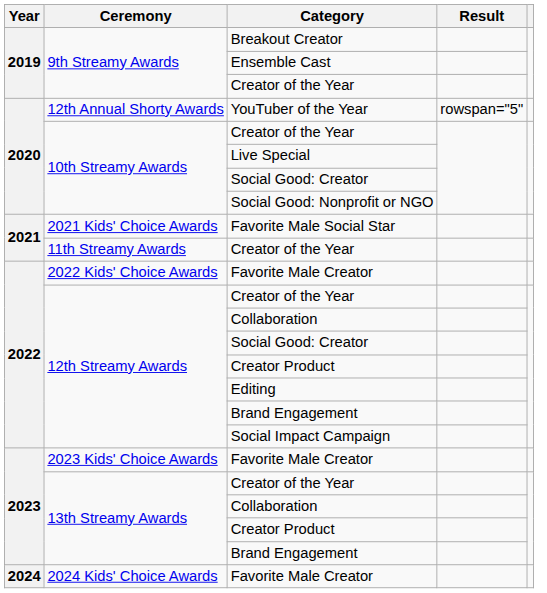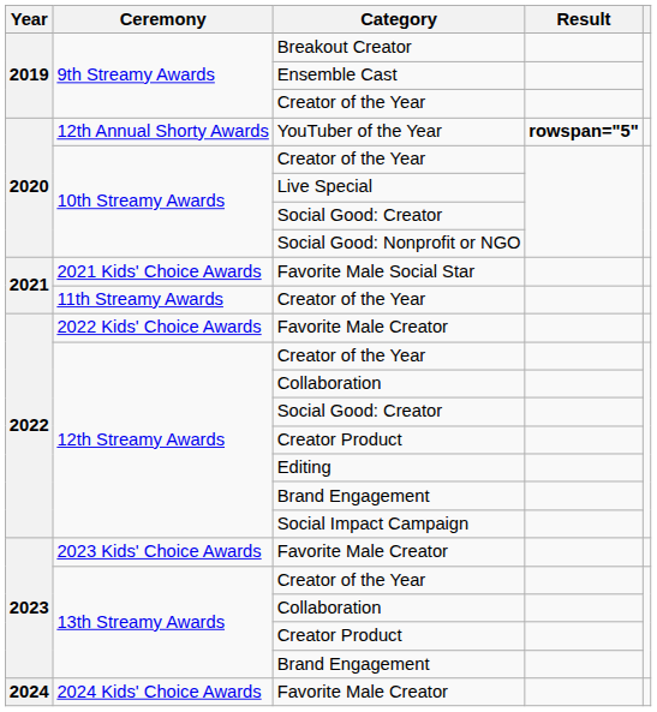 <table class="wikitable">
 <tr>
 <th>Year</th>
 <th>Ceremony</th>
 <th>Category</th>
 <th>Result</th>
 <th></th>
 </tr>
 <tr>
 <th rowspan="3">2019</th>
 <td rowspan="3"><a href='#'>9th Streamy Awards</a></td>
 <td>Breakout Creator</td>
 <td></td>
 <td rowspan="3" align="center"></td>
 </tr>
 <tr>
 <td>Ensemble Cast</td>
 <td></td>
 </tr>
 <tr>
 <td>Creator of the Year</td>
 <td></td>
 </tr>
 <tr>
 <th rowspan="5">2020</th>
 <td><a href='#'>12th Annual Shorty Awards</a></td>
 <td>YouTuber of the Year</td>
-<td>rowspan="5" </td>
+<td><strong>rowspan="5" </strong></td>
 <td align="center"></td>
 </tr>
 <tr>
 <td rowspan="4"><a href='#'>10th Streamy Awards</a></td>
 <td>Creator of the Year</td>
 <td rowspan="4" align="center"></td>
 </tr>
 <tr>
 <td>Live Special</td>
 </tr>
 <tr>
 <td>Social Good: Creator</td>
 </tr>
 <tr>
 <td>Social Good: Nonprofit or NGO</td>
 </tr>
 <tr>
 <th rowspan="2">2021</th>
 <td><a href='#'>2021 Kids' Choice Awards</a></td>
 <td>Favorite Male Social Star</td>
 <td></td>
 <td align="center"></td>
 </tr>
 <tr>
 <td><a href='#'>11th Streamy Awards</a></td>
 <td>Creator of the Year</td>
 <td></td>
 <td align="center"></td>
 </tr>
 <tr>
 <th rowspan="8">2022</th>
 <td><a href='#'>2022 Kids' Choice Awards</a></td>
 <td>Favorite Male Creator</td>
 <td></td>
 <td align="center"></td>
 </tr>
 <tr>
 <td rowspan="7"><a href='#'>12th Streamy Awards</a></td>
 <td>Creator of the Year</td>
 <td></td>
 <td rowspan="7" align="center"></td>
 </tr>
 <tr>
 <td>Collaboration</td>
 <td></td>
 </tr>
 <tr>
 <td>Social Good: Creator</td>
 <td></td>
 </tr>
 <tr>
 <td>Creator Product</td>
 <td></td>
 </tr>
 <tr>
 <td>Editing</td>
 <td></td>
 </tr>
 <tr>
 <td>Brand Engagement</td>
 <td></td>
 </tr>
 <tr>
 <td>Social Impact Campaign</td>
 <td></td>
 </tr>
 <tr>
 <th rowspan="5">2023</th>
 <td><a href='#'>2023 Kids' Choice Awards</a></td>
 <td>Favorite Male Creator</td>
 <td></td>
 <td align="center"></td>
 </tr>
 <tr>
 <td rowspan="4"><a href='#'>13th Streamy Awards</a></td>
 <td>Creator of the Year</td>
 <td></td>
 <td rowspan="4" align="center"></td>
 </tr>
 <tr>
 <td>Collaboration</td>
 <td></td>
 </tr>
 <tr>
 <td>Creator Product</td>
 <td></td>
 </tr>
 <tr>
 <td>Brand Engagement</td>
 <td></td>
 </tr>
 <tr>
 <th>2024</th>
 <td><a href='#'>2024 Kids' Choice Awards</a></td>
 <td>Favorite Male Creator</td>
 <td></td>
 <td align="center"></td>
 </tr>
 </table>
